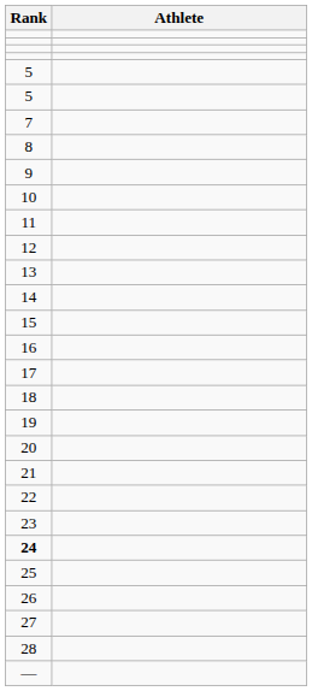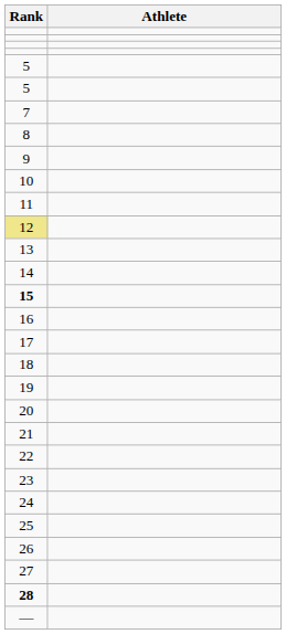 <table class="wikitable" style="text-align: center;">
 <tr>
 <th width=40>Rank</th>
 <th width=250>Athlete</th>
 </tr>
 <tr>
 <td></td>
 <td align="left"></td>
 </tr>
 <tr>
 <td></td>
 <td align="left"></td>
 </tr>
 <tr>
 <td></td>
 <td align="left"></td>
 </tr>
 <tr>
 <td></td>
 <td align="left"></td>
 </tr>
 <tr>
 <td>5</td>
 <td align="left"></td>
 </tr>
 <tr>
 <td>5</td>
 <td align="left"></td>
 </tr>
 <tr>
 <td>7</td>
 <td align="left"></td>
 </tr>
 <tr>
 <td>8</td>
 <td align="left"></td>
 </tr>
 <tr>
 <td>9</td>
 <td align="left"></td>
 </tr>
 <tr>
 <td>10</td>
 <td align="left"></td>
 </tr>
 <tr>
 <td>11</td>
 <td align="left"></td>
 </tr>
 <tr>
-<td>12</td>
+<td style="background: khaki;">12</td>
 <td align="left"></td>
 </tr>
 <tr>
 <td>13</td>
 <td align="left"></td>
 </tr>
 <tr>
 <td>14</td>
 <td align="left"></td>
 </tr>
 <tr>
-<td>15</td>
+<td><strong>15</strong></td>
 <td align="left"></td>
 </tr>
 <tr>
 <td>16</td>
 <td align="left"></td>
 </tr>
 <tr>
 <td>17</td>
 <td align="left"></td>
 </tr>
 <tr>
 <td>18</td>
 <td align="left"></td>
 </tr>
 <tr>
 <td>19</td>
 <td align="left"></td>
 </tr>
 <tr>
 <td>20</td>
 <td align="left"></td>
 </tr>
 <tr>
 <td>21</td>
 <td align="left"></td>
 </tr>
 <tr>
 <td>22</td>
 <td align="left"></td>
 </tr>
 <tr>
 <td>23</td>
 <td align="left"></td>
 </tr>
 <tr>
-<td><strong>24</strong></td>
+<td>24</td>
 <td align="left"></td>
 </tr>
 <tr>
 <td>25</td>
 <td align="left"></td>
 </tr>
 <tr>
 <td>26</td>
 <td align="left"></td>
 </tr>
 <tr>
 <td>27</td>
 <td align="left"></td>
 </tr>
 <tr>
-<td>28</td>
+<td><strong>28</strong></td>
 <td align="left"></td>
 </tr>
 <tr>
 <td>—</td>
 <td align="left"></td>
 </tr>
 </table>
